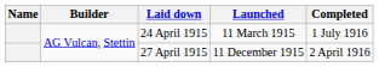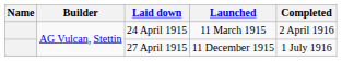 <table class="wikitable plainrowheaders">
 <tr>
 <th scope="col">Name</th>
 <th scope="col">Builder</th>
 <th scope="col"><a href='#'>Laid down</a></th>
 <th scope="col"><a href='#'>Launched</a></th>
 <th scope="col">Completed</th>
 </tr>
 <tr valign=middle>
 <th scope="row"></th>
 <td rowspan="2"><a href='#'>AG Vulcan</a>, <a href='#'>Stettin</a></td>
 <td align=center>24 April 1915</td>
 <td align=center>11 March 1915</td>
-<td align=center>1 July 1916</td>
+<td align=center>2 April 1916</td>
 </tr>
 <tr valign=middle>
 <th scope="row"></th>
 <td align=center>27 April 1915</td>
 <td align=center>11 December 1915</td>
-<td align=center>2 April 1916</td>
+<td align=center>1 July 1916</td>
 </tr>
 </table>
